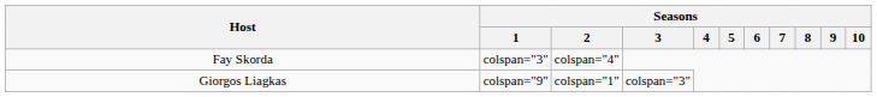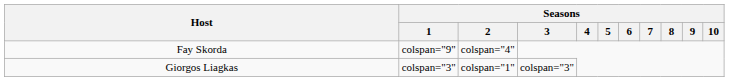 <table class="wikitable plainrowheaders" style="text-align:center; font-size:90%; width:75%">
 <tr>
 <th rowspan="2">Host</th>
 <th colspan="10">Seasons</th>
 </tr>
 <tr>
 <th ! width="12">1</th>
 <th width="21">2</th>
 <th width="21">3</th>
 <th width="21">4</th>
 <th width="21">5</th>
 <th width="21">6</th>
 <th width="21">7</th>
 <th width="21">8</th>
 <th width="21">9</th>
 <th width="21">10</th>
 </tr>
 <tr>
 <td>Fay Skorda</td>
-<td>colspan="3" </td>
+<td>colspan="9" </td>
 <td>colspan="4" </td>
 </tr>
 <tr>
 <td>Giorgos Liagkas</td>
-<td>colspan="9" </td>
+<td>colspan="3" </td>
 <td>colspan="1" </td>
 <td>colspan="3" </td>
 </tr>
 </table>
